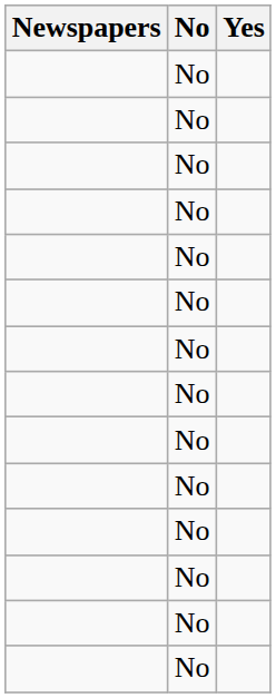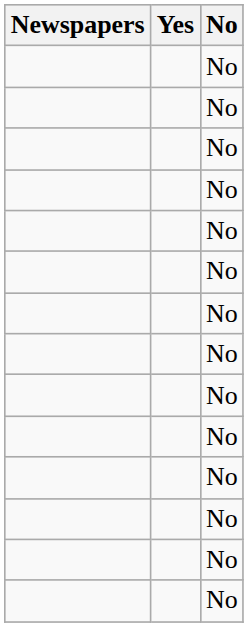 <table class="wikitable">
 <tr>
 <th>Newspapers</th>
+<th>Yes</th>
 <th>No</th>
-<th>Yes</th>
 </tr>
 <tr>
 <td></td>
+<td></td>
 <td>No</td>
-<td></td>
 </tr>
 <tr>
 <td></td>
+<td></td>
 <td>No</td>
-<td></td>
 </tr>
 <tr>
 <td></td>
+<td></td>
 <td>No</td>
-<td></td>
 </tr>
 <tr>
 <td></td>
+<td></td>
 <td>No</td>
-<td></td>
 </tr>
 <tr>
 <td></td>
+<td></td>
 <td>No</td>
-<td></td>
 </tr>
 <tr>
 <td></td>
+<td></td>
 <td>No</td>
-<td></td>
 </tr>
 <tr>
 <td></td>
+<td></td>
 <td>No</td>
-<td></td>
 </tr>
 <tr>
 <td></td>
+<td></td>
 <td>No</td>
-<td></td>
 </tr>
 <tr>
 <td></td>
+<td></td>
 <td>No</td>
-<td></td>
 </tr>
 <tr>
 <td></td>
+<td></td>
 <td>No</td>
-<td></td>
 </tr>
 <tr>
 <td></td>
+<td></td>
 <td>No</td>
-<td></td>
 </tr>
 <tr>
 <td></td>
+<td></td>
 <td>No</td>
-<td></td>
 </tr>
 <tr>
 <td></td>
+<td></td>
 <td>No</td>
-<td></td>
 </tr>
 <tr>
 <td></td>
+<td></td>
 <td>No</td>
-<td></td>
 </tr>
 </table>
